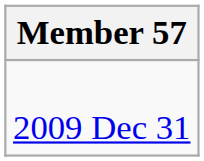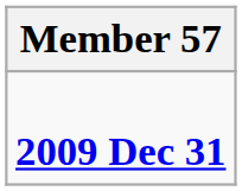 <table class=wikitable align=right>
 <tr>
 <th>Member 57</th>
 </tr>
 <tr>
-<td><br><a href='#'>2009 Dec 31</a></td>
+<td><strong><br><a href='#'>2009 Dec 31</a></strong></td>
 </tr>
 </table>
